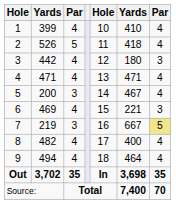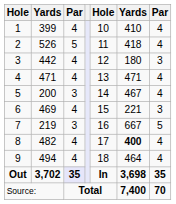 <table class="wikitable" style="text-align:center; font-size:100%;">
 <tr>
 <th>Hole</th>
 <th>Yards</th>
 <th>Par</th>
 <th></th>
 <th>Hole</th>
 <th>Yards</th>
 <th>Par</th>
 </tr>
 <tr>
 <td>1</td>
 <td>399</td>
 <td>4</td>
 <td rowspan=10 style="background:#E6E8FA;"></td>
 <td>10</td>
 <td>410</td>
 <td>4</td>
 </tr>
 <tr>
 <td>2</td>
 <td>526</td>
 <td>5</td>
 <td>11</td>
 <td>418</td>
 <td>4</td>
 </tr>
 <tr>
 <td>3</td>
 <td>442</td>
 <td>4</td>
 <td>12</td>
 <td>180</td>
 <td>3</td>
 </tr>
 <tr>
 <td>4</td>
 <td>471</td>
 <td>4</td>
 <td>13</td>
 <td>471</td>
 <td>4</td>
 </tr>
 <tr>
 <td>5</td>
 <td>200</td>
 <td>3</td>
 <td>14</td>
 <td>467</td>
 <td>4</td>
 </tr>
 <tr>
 <td>6</td>
 <td>469</td>
 <td>4</td>
 <td>15</td>
 <td>221</td>
 <td>3</td>
 </tr>
 <tr>
 <td>7</td>
 <td>219</td>
 <td>3</td>
 <td>16</td>
 <td>667</td>
-<td style="background: khaki;">5</td>
+<td>5</td>
 </tr>
 <tr>
 <td>8</td>
 <td>482</td>
 <td>4</td>
 <td>17</td>
-<td>400</td>
+<td><strong>400</strong></td>
 <td>4</td>
 </tr>
 <tr>
 <td>9</td>
 <td>494</td>
 <td>4</td>
 <td>18</td>
 <td>464</td>
 <td>4</td>
 </tr>
 <tr>
 <td><strong>Out</strong></td>
 <td><strong>3,702</strong></td>
-<td><strong>35</strong></td>
+<td style="background: lavender;"><strong>35</strong></td>
 <td><strong>In</strong></td>
 <td><strong>3,698</strong></td>
 <td><strong>35</strong></td>
 </tr>
 <tr>
 <td colspan=2 align=left><small>Source:</small></td>
 <td colspan=3><strong>Total</strong></td>
 <td><strong>7,400</strong></td>
 <td><strong>70</strong></td>
 </tr>
 </table>
